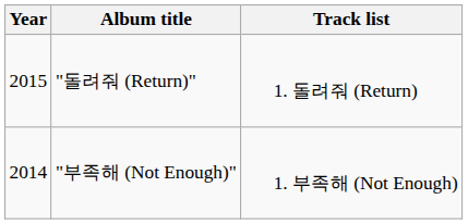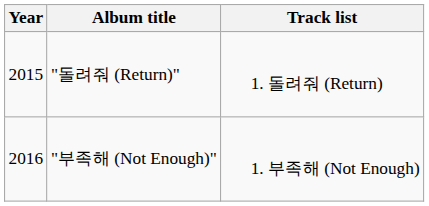 <table class="wikitable">
 <tr>
 <th>Year</th>
 <th>Album title</th>
 <th>Track list</th>
 </tr>
 <tr>
 <td>2015</td>
 <td>"돌려줘 (Return)"</td>
 <td><br><ol><li>돌려줘 (Return)</li></ol></td>
 </tr>
 <tr>
-<td>2014</td>
+<td>2016</td>
 <td>"부족해 (Not Enough)"</td>
 <td><br><ol><li>부족해 (Not Enough)</li></ol></td>
 </tr>
 </table>
